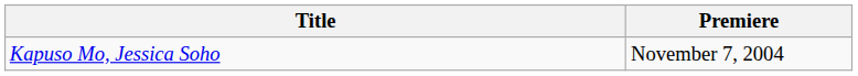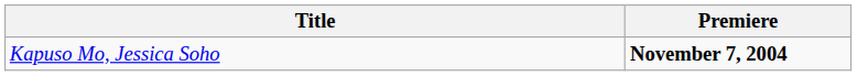 <table class="wikitable sortable" width="75%">
 <tr>
 <th style="width:55%;">Title</th>
 <th style="width:20%;">Premiere</th>
 </tr>
 <tr>
 <td><em><a href='#'>Kapuso Mo, Jessica Soho</a></em></td>
-<td>November 7, 2004</td>
+<td><strong>November 7, 2004</strong></td>
 </tr>
 </table>
